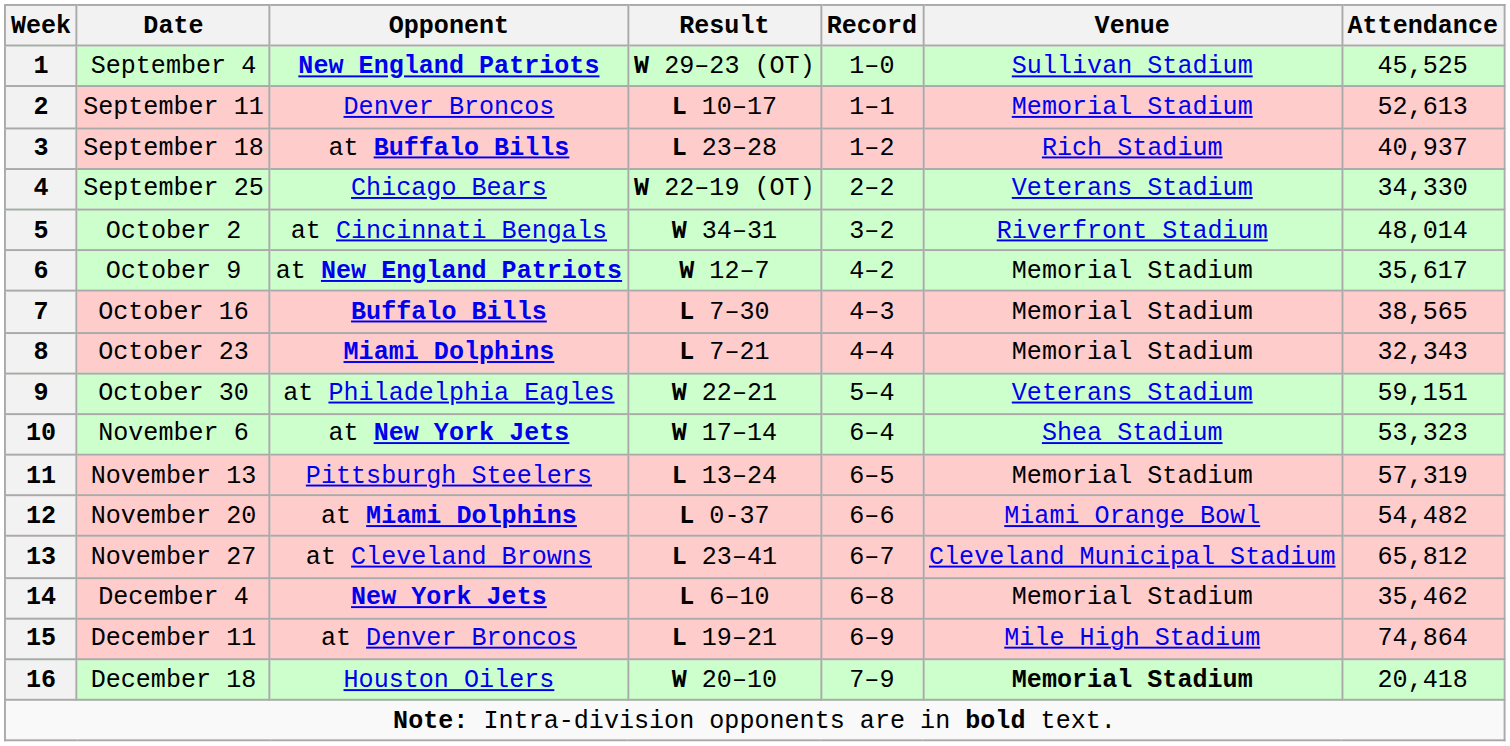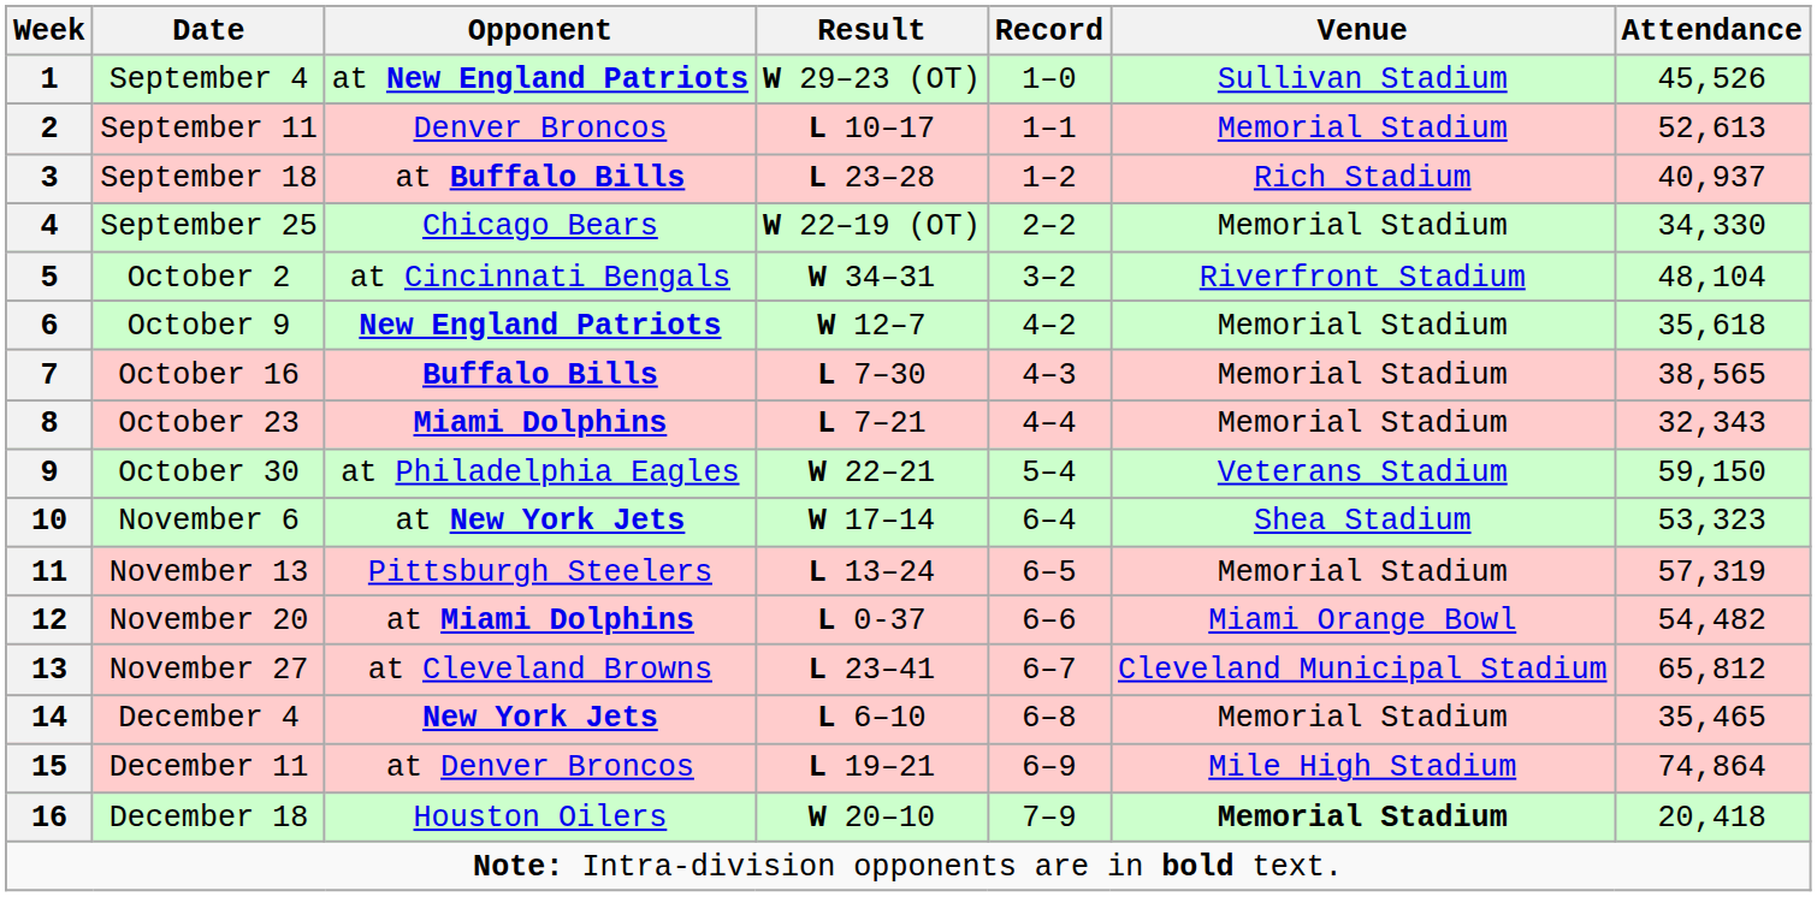 <table class="wikitable" style="text-align:center">
 <tr>
 <th>Week</th>
 <th>Date</th>
 <th>Opponent</th>
 <th>Result</th>
 <th>Record</th>
 <th>Venue</th>
 <th>Attendance</th>
 </tr>
 <tr style="background:#cfc">
 <th>1</th>
 <td>September 4</td>
-<td><strong><a href='#'>New England Patriots</a></strong></td>
+<td>at <strong><a href='#'>New England Patriots</a></strong></td>
 <td><strong>W</strong> 29–23 (OT)</td>
 <td>1–0</td>
 <td><a href='#'>Sullivan Stadium</a></td>
-<td>45,525</td>
+<td>45,526</td>
 </tr>
 <tr style="background:#fcc">
 <th>2</th>
 <td>September 11</td>
 <td><a href='#'>Denver Broncos</a></td>
 <td><strong>L</strong> 10–17</td>
 <td>1–1</td>
 <td><a href='#'>Memorial Stadium</a></td>
 <td>52,613</td>
 </tr>
 <tr style="background:#fcc">
 <th>3</th>
 <td>September 18</td>
 <td>at <strong><a href='#'>Buffalo Bills</a></strong></td>
 <td><strong>L</strong> 23–28</td>
 <td>1–2</td>
 <td><a href='#'>Rich Stadium</a></td>
 <td>40,937</td>
 </tr>
 <tr style="background:#cfc">
 <th>4</th>
 <td>September 25</td>
 <td><a href='#'>Chicago Bears</a></td>
 <td><strong>W</strong> 22–19 (OT)</td>
 <td>2–2</td>
-<td><a href='#'>Veterans Stadium</a></td>
+<td>Memorial Stadium</td>
 <td>34,330</td>
 </tr>
 <tr style="background:#cfc">
 <th>5</th>
 <td>October 2</td>
 <td>at <a href='#'>Cincinnati Bengals</a></td>
 <td><strong>W</strong> 34–31</td>
 <td>3–2</td>
 <td><a href='#'>Riverfront Stadium</a></td>
-<td>48,014</td>
+<td>48,104</td>
 </tr>
 <tr style="background:#cfc">
 <th>6</th>
 <td>October 9</td>
-<td>at <strong><a href='#'>New England Patriots</a></strong></td>
+<td><strong><a href='#'>New England Patriots</a></strong></td>
 <td><strong>W</strong> 12–7</td>
 <td>4–2</td>
 <td>Memorial Stadium</td>
-<td>35,617</td>
+<td>35,618</td>
 </tr>
 <tr style="background:#fcc">
 <th>7</th>
 <td>October 16</td>
 <td><strong><a href='#'>Buffalo Bills</a></strong></td>
 <td><strong>L</strong> 7–30</td>
 <td>4–3</td>
 <td>Memorial Stadium</td>
 <td>38,565</td>
 </tr>
 <tr style="background:#fcc">
 <th>8</th>
 <td>October 23</td>
 <td><strong><a href='#'>Miami Dolphins</a></strong></td>
 <td><strong>L</strong> 7–21</td>
 <td>4–4</td>
 <td>Memorial Stadium</td>
 <td>32,343</td>
 </tr>
 <tr style="background:#cfc">
 <th>9</th>
 <td>October 30</td>
 <td>at <a href='#'>Philadelphia Eagles</a></td>
 <td><strong>W</strong> 22–21</td>
 <td>5–4</td>
 <td><a href='#'>Veterans Stadium</a></td>
-<td>59,151</td>
+<td>59,150</td>
 </tr>
 <tr style="background:#cfc">
 <th>10</th>
 <td>November 6</td>
 <td>at <strong><a href='#'>New York Jets</a></strong></td>
 <td><strong>W</strong> 17–14</td>
 <td>6–4</td>
 <td><a href='#'>Shea Stadium</a></td>
 <td>53,323</td>
 </tr>
 <tr style="background:#fcc">
 <th>11</th>
 <td>November 13</td>
 <td><a href='#'>Pittsburgh Steelers</a></td>
 <td><strong>L</strong> 13–24</td>
 <td>6–5</td>
 <td>Memorial Stadium</td>
 <td>57,319</td>
 </tr>
 <tr style="background:#fcc">
 <th>12</th>
 <td>November 20</td>
 <td>at <strong><a href='#'>Miami Dolphins</a></strong></td>
 <td><strong>L</strong> 0-37</td>
 <td>6–6</td>
 <td><a href='#'>Miami Orange Bowl</a></td>
 <td>54,482</td>
 </tr>
 <tr style="background:#fcc">
 <th>13</th>
 <td>November 27</td>
 <td>at <a href='#'>Cleveland Browns</a></td>
 <td><strong>L</strong> 23–41</td>
 <td>6–7</td>
 <td><a href='#'>Cleveland Municipal Stadium</a></td>
 <td>65,812</td>
 </tr>
 <tr style="background:#fcc">
 <th>14</th>
 <td>December 4</td>
 <td><strong><a href='#'>New York Jets</a></strong></td>
 <td><strong>L</strong> 6–10</td>
 <td>6–8</td>
 <td>Memorial Stadium</td>
-<td>35,462</td>
+<td>35,465</td>
 </tr>
 <tr style="background:#fcc">
 <th>15</th>
 <td>December 11</td>
 <td>at <a href='#'>Denver Broncos</a></td>
 <td><strong>L</strong> 19–21</td>
 <td>6–9</td>
 <td><a href='#'>Mile High Stadium</a></td>
 <td>74,864</td>
 </tr>
 <tr style="background:#cfc">
 <th>16</th>
 <td>December 18</td>
 <td><a href='#'>Houston Oilers</a></td>
 <td><strong>W</strong> 20–10</td>
 <td>7–9</td>
 <td><strong>Memorial Stadium</strong></td>
 <td>20,418</td>
 </tr>
 <tr>
 <td colspan="8"><strong>Note:</strong> Intra-division opponents are in <strong>bold</strong> text.</td>
 </tr>
 </table>
